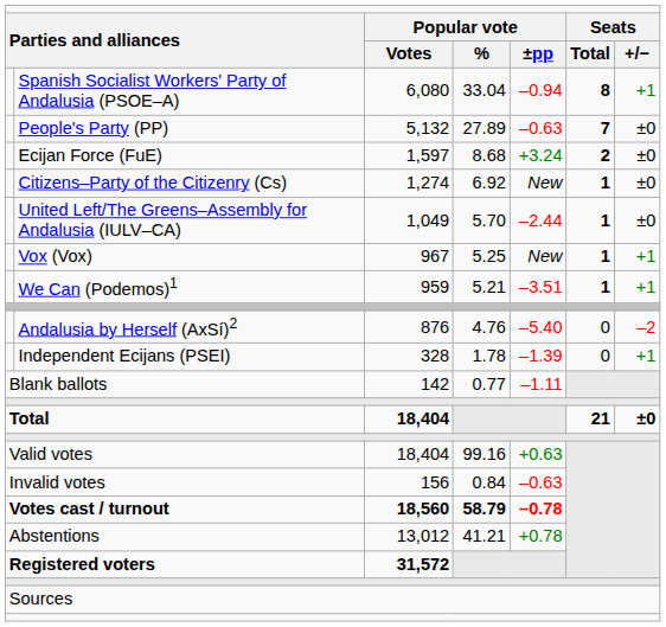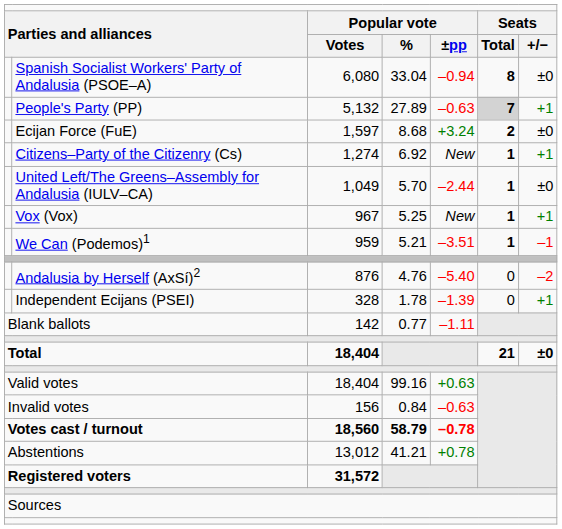 <table class="wikitable" style="text-align:right;">
 <tr>
 <td colspan="7"></td>
 </tr>
 <tr>
 <th style="text-align:left;" rowspan="2" colspan="2" width="525">Parties and alliances</th>
 <th colspan="3">Popular vote</th>
 <th colspan="2">Seats</th>
 </tr>
 <tr>
 <th width="75">Votes</th>
 <th width="45">%</th>
 <th width="45">±<a href='#'>pp</a></th>
 <th width="35">Total</th>
 <th width="35">+/−</th>
 </tr>
 <tr>
 <td width="1" style="color:inherit;background:"></td>
 <td align="left"><a href='#'>Spanish Socialist Workers' Party of Andalusia</a> (PSOE–A)</td>
 <td>6,080</td>
 <td>33.04</td>
 <td style="color:red;">–0.94</td>
 <td><strong>8</strong></td>
-<td style="color:green;">+1</td>
+<td>±0</td>
 </tr>
 <tr>
 <td style="color:inherit;background:"></td>
 <td align="left"><a href='#'>People's Party</a> (PP)</td>
 <td>5,132</td>
 <td>27.89</td>
 <td style="color:red;">–0.63</td>
-<td><strong>7</strong></td>
-<td>±0</td>
+<td style="background: lightgrey;"><strong>7</strong></td>
+<td style="color:green;">+1</td>
 </tr>
 <tr>
 <td style="color:inherit;background:"></td>
 <td align="left">Ecijan Force (FuE)</td>
 <td>1,597</td>
 <td>8.68</td>
 <td style="color:green;">+3.24</td>
 <td><strong>2</strong></td>
 <td>±0</td>
 </tr>
 <tr>
 <td style="color:inherit;background:"></td>
 <td align="left"><a href='#'>Citizens–Party of the Citizenry</a> (Cs)</td>
 <td>1,274</td>
 <td>6.92</td>
 <td><em>New</em></td>
 <td><strong>1</strong></td>
-<td>±0</td>
+<td style="color:green;">+1</td>
 </tr>
 <tr>
 <td style="color:inherit;background:"></td>
 <td align="left"><a href='#'>United Left/The Greens–Assembly for Andalusia</a> (IULV–CA)</td>
 <td>1,049</td>
 <td>5.70</td>
 <td style="color:red;">–2.44</td>
 <td><strong>1</strong></td>
 <td>±0</td>
 </tr>
 <tr>
 <td style="color:inherit;background:"></td>
 <td align="left"><a href='#'>Vox</a> (Vox)</td>
 <td>967</td>
 <td>5.25</td>
 <td><em>New</em></td>
 <td><strong>1</strong></td>
 <td style="color:green;">+1</td>
 </tr>
 <tr>
 <td style="color:inherit;background:"></td>
 <td align="left"><a href='#'>We Can</a> (Podemos)<sup>1</sup></td>
 <td>959</td>
 <td>5.21</td>
 <td style="color:red;">–3.51</td>
 <td><strong>1</strong></td>
-<td style="color:green;">+1</td>
+<td style="color:red;">–1</td>
 </tr>
 <tr>
 <td colspan="7" bgcolor="#C0C0C0"></td>
 </tr>
 <tr>
 <td style="color:inherit;background:"></td>
 <td align="left"><a href='#'>Andalusia by Herself</a> (AxSí)<sup>2</sup></td>
 <td>876</td>
 <td>4.76</td>
 <td style="color:red;">–5.40</td>
 <td>0</td>
 <td style="color:red;">–2</td>
 </tr>
 <tr>
 <td style="color:inherit;background:"></td>
 <td align="left">Independent Ecijans (PSEI)</td>
 <td>328</td>
 <td>1.78</td>
 <td style="color:red;">–1.39</td>
 <td>0</td>
 <td style="color:green;">+1</td>
 </tr>
 <tr>
 <td align="left" colspan="2">Blank ballots</td>
 <td>142</td>
 <td>0.77</td>
 <td style="color:red;">–1.11</td>
 <td bgcolor="#E9E9E9" colspan="2"></td>
 </tr>
 <tr>
 <td colspan="7" bgcolor="#E9E9E9"></td>
 </tr>
 <tr style="font-weight:bold;">
 <td align="left" colspan="2">Total</td>
 <td>18,404</td>
 <td bgcolor="#E9E9E9" colspan="2"></td>
 <td>21</td>
 <td>±0</td>
 </tr>
 <tr>
 <td colspan="7" bgcolor="#E9E9E9"></td>
 </tr>
 <tr>
 <td align="left" colspan="2">Valid votes</td>
 <td>18,404</td>
 <td>99.16</td>
 <td style="color:green;">+0.63</td>
 <td bgcolor="#E9E9E9" colspan="2" rowspan="5"></td>
 </tr>
 <tr>
 <td align="left" colspan="2">Invalid votes</td>
 <td>156</td>
 <td>0.84</td>
 <td style="color:red;">–0.63</td>
 </tr>
 <tr style="font-weight:bold;">
 <td align="left" colspan="2">Votes cast / turnout</td>
 <td>18,560</td>
 <td>58.79</td>
 <td style="color:red;">–0.78</td>
 </tr>
 <tr>
 <td align="left" colspan="2">Abstentions</td>
 <td>13,012</td>
 <td>41.21</td>
 <td style="color:green;">+0.78</td>
 </tr>
 <tr style="font-weight:bold;">
 <td align="left" colspan="2">Registered voters</td>
 <td>31,572</td>
 <td bgcolor="#E9E9E9" colspan="2"></td>
 </tr>
 <tr>
 <td colspan="7" bgcolor="#E9E9E9"></td>
 </tr>
 <tr>
 <td align="left" colspan="7">Sources</td>
 </tr>
 <tr>
 <td colspan="7" style="text-align:left; max-width:790px;"></td>
 </tr>
 </table>
